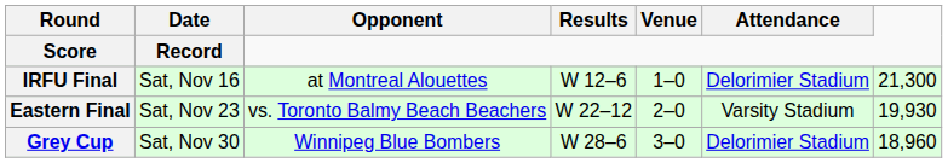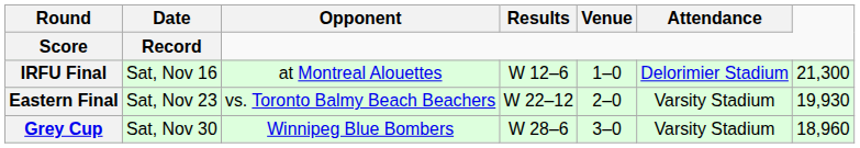 <table class="wikitable" style="text-align:center">
 <tr>
 <th>Round</th>
 <th>Date</th>
 <th>Opponent</th>
 <th>Results</th>
 <th>Venue</th>
 <th>Attendance</th>
 </tr>
 <tr>
 <th>Score</th>
 <th>Record</th>
 </tr>
 <tr style="background:#ddffdd">
 <th>IRFU Final</th>
 <td>Sat, Nov 16</td>
 <td>at <a href='#'>Montreal Alouettes</a></td>
 <td>W 12–6</td>
 <td>1–0</td>
 <td><a href='#'>Delorimier Stadium</a></td>
 <td>21,300</td>
 </tr>
 <tr style="background:#ddffdd">
 <th>Eastern Final</th>
 <td>Sat, Nov 23</td>
 <td>vs. <a href='#'>Toronto Balmy Beach Beachers</a></td>
 <td>W 22–12</td>
 <td>2–0</td>
 <td>Varsity Stadium</td>
 <td>19,930</td>
 </tr>
 <tr style="background:#ddffdd">
 <th><a href='#'>Grey Cup</a></th>
 <td>Sat, Nov 30</td>
 <td><a href='#'>Winnipeg Blue Bombers</a></td>
 <td>W 28–6</td>
 <td>3–0</td>
-<td><a href='#'>Delorimier Stadium</a></td>
+<td>Varsity Stadium</td>
 <td>18,960</td>
 </tr>
 </table>
